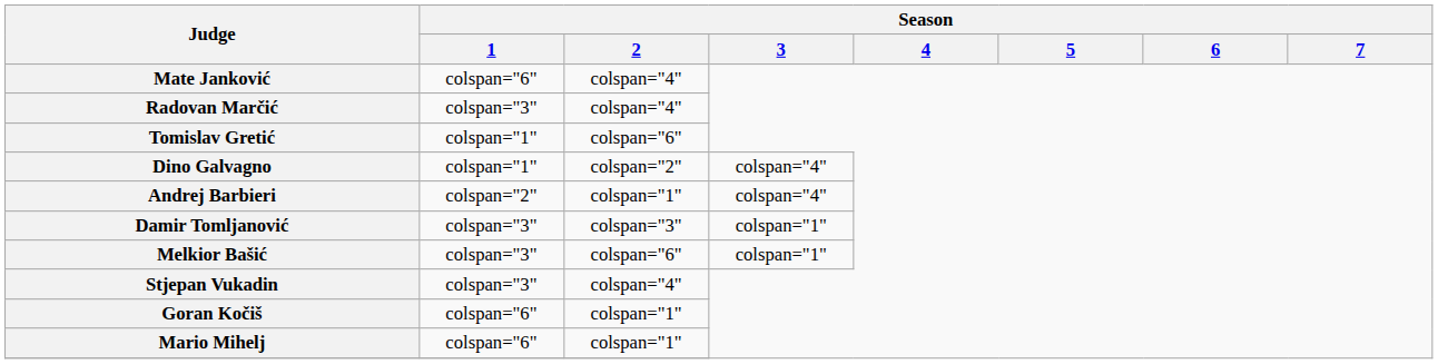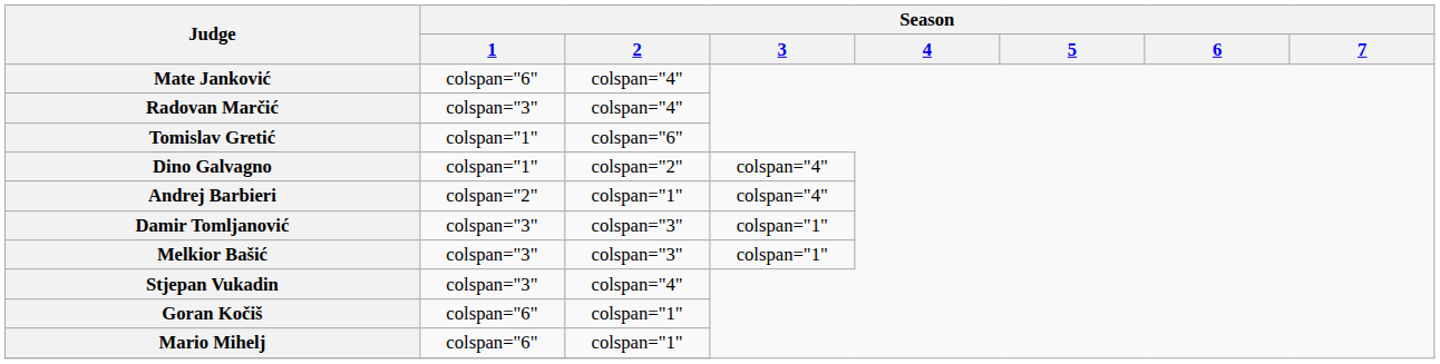 <table class="wikitable plainrowheaders" style="text-align:center">
 <tr>
 <th rowspan="2" style="width:20%;" scope="col">Judge</th>
 <th colspan="7">Season</th>
 </tr>
 <tr>
 <th style="width:7%;" scope="colspan"><a href='#'>1</a></th>
 <th style="width:7%;" scope="colspan"><a href='#'>2</a></th>
 <th style="width:7%;" scope="colspan"><a href='#'>3</a></th>
 <th style="width:7%;" scope="colspan"><a href='#'>4</a></th>
 <th style="width:7%;" scope="colspan"><a href='#'>5</a></th>
 <th style="width:7%;" scope="colspan"><a href='#'>6</a></th>
 <th style="width:7%;" scope="colspan"><a href='#'>7</a></th>
 </tr>
 <tr>
 <th scope="row" style="text-align: center;">Mate Janković</th>
 <td>colspan="6" </td>
 <td>colspan="4" </td>
 </tr>
 <tr>
 <th scope="row" style="text-align: center;">Radovan Marčić</th>
 <td>colspan="3" </td>
 <td>colspan="4" </td>
 </tr>
 <tr>
 <th scope="row" style="text-align: center;">Tomislav Gretić</th>
 <td>colspan="1" </td>
 <td>colspan="6" </td>
 </tr>
 <tr>
 <th scope="row" style="text-align: center;">Dino Galvagno</th>
 <td>colspan="1" </td>
 <td>colspan="2" </td>
 <td>colspan="4" </td>
 </tr>
 <tr>
 <th scope="row" style="text-align: center;">Andrej Barbieri</th>
 <td>colspan="2" </td>
 <td>colspan="1" </td>
 <td>colspan="4" </td>
 </tr>
 <tr>
 <th scope="row" style="text-align: center;">Damir Tomljanović</th>
 <td>colspan="3" </td>
 <td>colspan="3" </td>
 <td>colspan="1" </td>
 </tr>
 <tr>
 <th scope="row" style="text-align: center;">Melkior Bašić</th>
 <td>colspan="3" </td>
-<td>colspan="6" </td>
+<td>colspan="3" </td>
 <td>colspan="1" </td>
 </tr>
 <tr>
 <th scope="row" style="text-align: center;">Stjepan Vukadin</th>
 <td>colspan="3" </td>
 <td>colspan="4" </td>
 </tr>
 <tr>
 <th scope="row" style="text-align: center;">Goran Kočiš</th>
 <td>colspan="6" </td>
 <td>colspan="1" </td>
 </tr>
 <tr>
 <th scope="row" style="text-align: center;">Mario Mihelj</th>
 <td>colspan="6" </td>
 <td>colspan="1" </td>
 </tr>
 <tr>
 </tr>
 </table>
